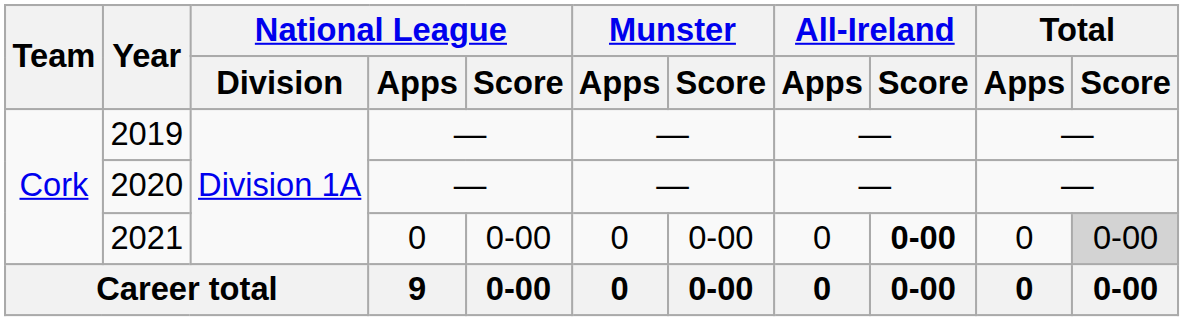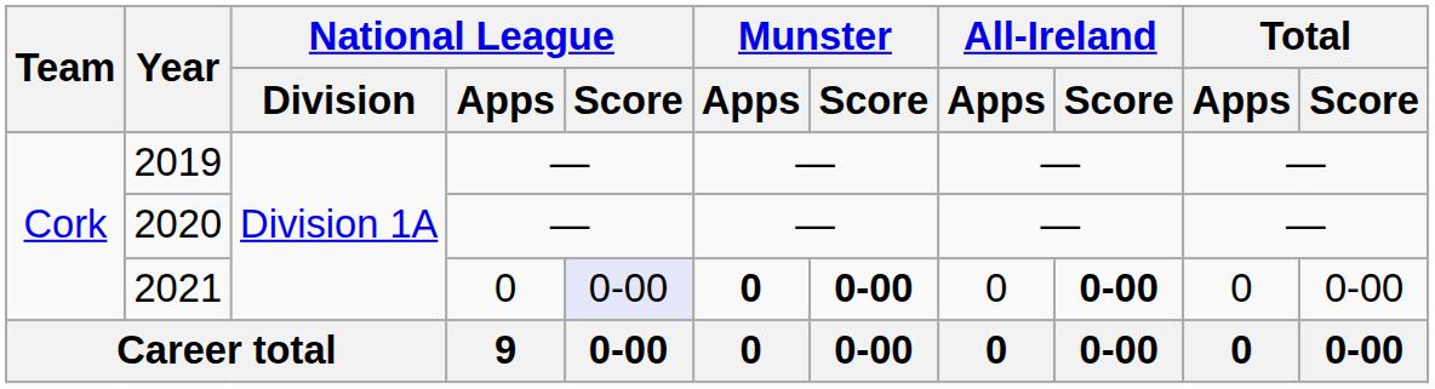 <table class="wikitable" style="text-align:center">
 <tr>
 <th rowspan="2">Team</th>
 <th rowspan="2">Year</th>
 <th colspan="3"><a href='#'>National League</a></th>
 <th colspan="2"><a href='#'>Munster</a></th>
 <th colspan="2"><a href='#'>All-Ireland</a></th>
 <th colspan="2">Total</th>
 </tr>
 <tr>
 <th>Division</th>
 <th>Apps</th>
 <th>Score</th>
 <th>Apps</th>
 <th>Score</th>
 <th>Apps</th>
 <th>Score</th>
 <th>Apps</th>
 <th>Score</th>
 </tr>
 <tr>
 <td rowspan="3"><a href='#'>Cork</a></td>
 <td>2019</td>
 <td rowspan="3"><a href='#'>Division 1A</a></td>
 <td colspan=2>—</td>
 <td colspan=2>—</td>
 <td colspan=2>—</td>
 <td colspan=2>—</td>
 </tr>
 <tr>
 <td>2020</td>
 <td colspan=2>—</td>
 <td colspan=2>—</td>
 <td colspan=2>—</td>
 <td colspan=2>—</td>
 </tr>
 <tr>
 <td>2021</td>
 <td>0</td>
-<td>0-00</td>
-<td>0</td>
-<td>0-00</td>
+<td style="background: lavender;">0-00</td>
+<td><strong>0</strong></td>
+<td><strong>0-00</strong></td>
 <td>0</td>
 <td><strong>0-00</strong></td>
 <td>0</td>
-<td style="background: lightgrey;">0-00</td>
+<td>0-00</td>
 </tr>
 <tr>
 <th colspan="3">Career total</th>
 <th>9</th>
 <th>0-00</th>
 <th>0</th>
 <th>0-00</th>
 <th>0</th>
 <th>0-00</th>
 <th>0</th>
 <th>0-00</th>
 </tr>
 </table>
